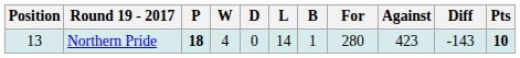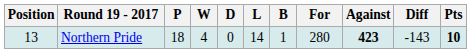 <table class="wikitable" style="text-align:center; font-size:85%;">
 <tr>
 <th width=40 abbr="Position">Position</th>
 <th width=100>Round 19 - 2017</th>
 <th width=20 abbr="Played">P</th>
 <th width=20 abbr="Won">W</th>
 <th width=20 abbr="Drawn">D</th>
 <th width=20 abbr="Lost">L</th>
 <th width=20 abbr="Bye">B</th>
 <th width=40 abbr="Points for">For</th>
 <th width=40 abbr="Points against">Against</th>
 <th width=40 abbr="Points difference">Diff</th>
 <th width=20 abbr="Points">Pts</th>
 </tr>
 <tr style="background: #d7ebed;">
 <td>13</td>
 <td style="text-align:left;"> <a href='#'>Northern Pride</a></td>
-<td><strong>18</strong></td>
+<td>18</td>
 <td>4</td>
 <td>0</td>
 <td>14</td>
 <td>1</td>
 <td>280</td>
-<td>423</td>
+<td><strong>423</strong></td>
 <td>-143</td>
 <td><strong>10</strong></td>
 </tr>
 <tr>
 </tr>
 </table>
